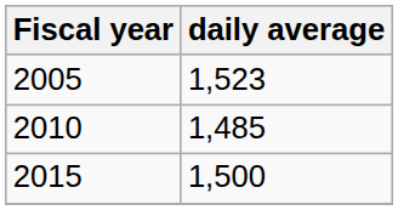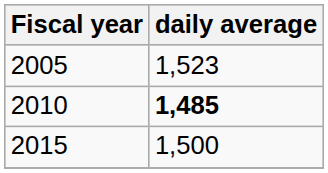 <table class="wikitable">
 <tr>
 <th>Fiscal year</th>
 <th>daily average</th>
 </tr>
 <tr>
 <td>2005</td>
 <td>1,523</td>
 </tr>
 <tr>
 <td>2010</td>
-<td>1,485</td>
+<td><strong>1,485</strong></td>
 </tr>
 <tr>
 <td>2015</td>
 <td>1,500</td>
 </tr>
 <tr>
 </tr>
 </table>
